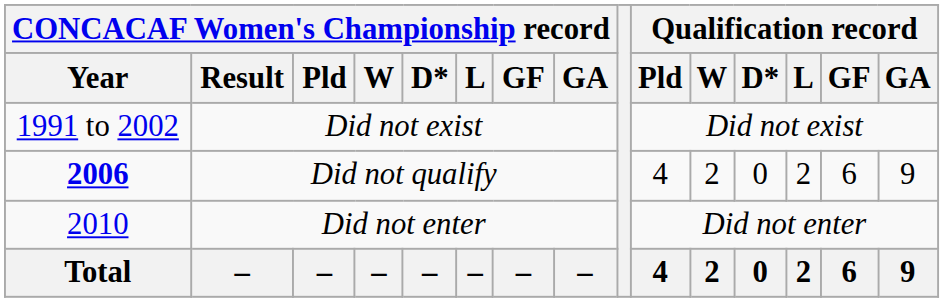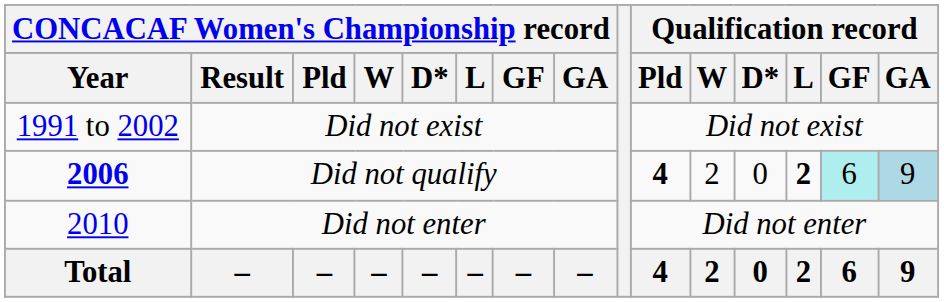 <table class="wikitable" style="text-align: center;">
 <tr>
 <th colspan=8><a href='#'>CONCACAF Women's Championship</a> record</th>
 <th rowspan=6></th>
 <th colspan=6>Qualification record</th>
 </tr>
 <tr>
 <th>Year</th>
 <th>Result</th>
 <th>Pld</th>
 <th>W</th>
 <th>D*</th>
 <th>L</th>
 <th>GF</th>
 <th>GA</th>
 <th>Pld</th>
 <th>W</th>
 <th>D*</th>
 <th>L</th>
 <th>GF</th>
 <th>GA</th>
 </tr>
 <tr>
 <td> <a href='#'>1991</a> to  <a href='#'>2002</a></td>
 <td colspan=7><em>Did not exist</em></td>
 <td colspan=6><em>Did not exist</em></td>
 </tr>
 <tr>
 <td><strong> <a href='#'>2006</a></strong></td>
 <td colspan=7><em>Did not qualify</em></td>
-<td>4</td>
+<td><strong>4</strong></td>
 <td>2</td>
 <td>0</td>
-<td>2</td>
-<td>6</td>
-<td>9</td>
+<td><strong>2</strong></td>
+<td style="background: paleturquoise;">6</td>
+<td style="background: lightblue;">9</td>
 </tr>
 <tr>
 <td> <a href='#'>2010</a></td>
 <td colspan=7><em>Did not enter</em></td>
 <td colspan=6><em>Did not enter</em></td>
 </tr>
 <tr>
 <th>Total</th>
 <th>–</th>
 <th>–</th>
 <th>–</th>
 <th>–</th>
 <th>–</th>
 <th>–</th>
 <th>–</th>
 <th>4</th>
 <th>2</th>
 <th>0</th>
 <th>2</th>
 <th>6</th>
 <th>9</th>
 </tr>
 </table>
